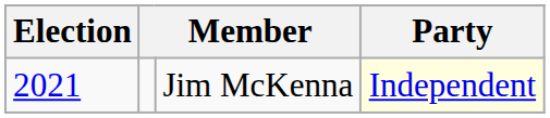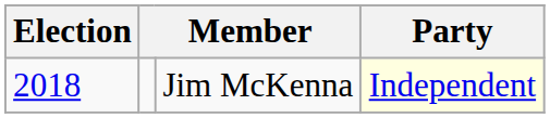 <table class="wikitable">
 <tr>
 <th>Election</th>
 <th colspan="2">Member</th>
 <th>Party</th>
 </tr>
 <tr>
-<td><a href='#'>2021</a></td>
+<td><a href='#'>2018</a></td>
 <td rowspan="1" style="background-color: "></td>
 <td rowspan="1">Jim McKenna</td>
 <td rowspan="1" style="background: lightyellow;"><a href='#'>Independent</a></td>
 </tr>
 </table>
